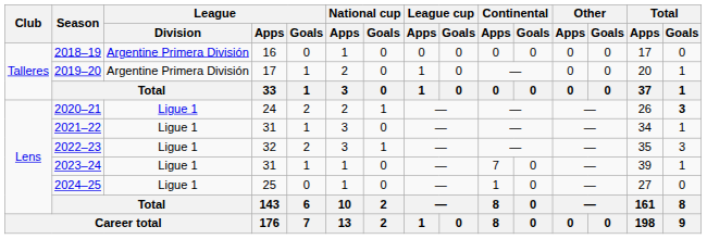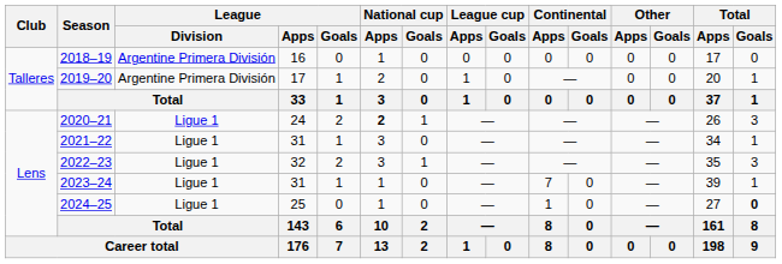 <table class="wikitable" style="text-align:center">
 <tr>
 <th rowspan="2">Club</th>
 <th rowspan="2">Season</th>
 <th colspan="3">League</th>
 <th colspan="2">National cup</th>
 <th colspan="2">League cup</th>
 <th colspan="2">Continental</th>
 <th colspan="2">Other</th>
 <th colspan="2">Total</th>
 </tr>
 <tr>
 <th>Division</th>
 <th>Apps</th>
 <th>Goals</th>
 <th>Apps</th>
 <th>Goals</th>
 <th>Apps</th>
 <th>Goals</th>
 <th>Apps</th>
 <th>Goals</th>
 <th>Apps</th>
 <th>Goals</th>
 <th>Apps</th>
 <th>Goals</th>
 </tr>
 <tr>
 <td rowspan="3"><a href='#'>Talleres</a></td>
 <td><a href='#'>2018–19</a></td>
 <td><a href='#'>Argentine Primera División</a></td>
 <td>16</td>
 <td>0</td>
 <td>1</td>
 <td>0</td>
 <td>0</td>
 <td>0</td>
 <td>0</td>
 <td>0</td>
 <td>0</td>
 <td>0</td>
 <td>17</td>
 <td>0</td>
 </tr>
 <tr>
 <td><a href='#'>2019–20</a></td>
 <td>Argentine Primera División</td>
 <td>17</td>
 <td>1</td>
 <td>2</td>
 <td>0</td>
 <td>1</td>
 <td>0</td>
 <td colspan="2">—</td>
 <td>0</td>
 <td>0</td>
 <td>20</td>
 <td>1</td>
 </tr>
 <tr>
 <th colspan="2">Total</th>
 <th>33</th>
 <th>1</th>
 <th>3</th>
 <th>0</th>
 <th>1</th>
 <th>0</th>
 <th>0</th>
 <th>0</th>
 <th>0</th>
 <th>0</th>
 <th>37</th>
 <th>1</th>
 </tr>
 <tr>
 <td rowspan="6"><a href='#'>Lens</a></td>
 <td><a href='#'>2020–21</a></td>
 <td><a href='#'>Ligue 1</a></td>
 <td>24</td>
 <td>2</td>
-<td>2</td>
+<td><strong>2</strong></td>
 <td>1</td>
 <td colspan="2">—</td>
 <td colspan="2">—</td>
 <td colspan="2">—</td>
 <td>26</td>
-<td><strong>3</strong></td>
+<td>3</td>
 </tr>
 <tr>
 <td><a href='#'>2021–22</a></td>
 <td>Ligue 1</td>
 <td>31</td>
 <td>1</td>
 <td>3</td>
 <td>0</td>
 <td colspan="2">—</td>
 <td colspan="2">—</td>
 <td colspan="2">—</td>
 <td>34</td>
 <td>1</td>
 </tr>
 <tr>
 <td><a href='#'>2022–23</a></td>
 <td>Ligue 1</td>
 <td>32</td>
 <td>2</td>
 <td>3</td>
 <td>1</td>
 <td colspan="2">—</td>
 <td colspan="2">—</td>
 <td colspan="2">—</td>
 <td>35</td>
 <td>3</td>
 </tr>
 <tr>
 <td><a href='#'>2023–24</a></td>
 <td>Ligue 1</td>
 <td>31</td>
 <td>1</td>
 <td>1</td>
 <td>0</td>
 <td colspan="2">—</td>
 <td>7</td>
 <td>0</td>
 <td colspan="2">—</td>
 <td>39</td>
 <td>1</td>
 </tr>
 <tr>
 <td><a href='#'>2024–25</a></td>
 <td>Ligue 1</td>
 <td>25</td>
 <td>0</td>
 <td>1</td>
 <td>0</td>
 <td colspan="2">—</td>
 <td>1</td>
 <td>0</td>
 <td colspan="2">—</td>
 <td>27</td>
-<td>0</td>
+<td><strong>0</strong></td>
 </tr>
 <tr>
 <th colspan="2">Total</th>
 <th>143</th>
 <th>6</th>
 <th>10</th>
 <th>2</th>
 <th colspan="2">—</th>
 <th>8</th>
 <th>0</th>
 <th colspan="2">—</th>
 <th>161</th>
 <th>8</th>
 </tr>
 <tr>
 <th colspan="3">Career total</th>
 <th>176</th>
 <th>7</th>
 <th>13</th>
 <th>2</th>
 <th>1</th>
 <th>0</th>
 <th>8</th>
 <th>0</th>
 <th>0</th>
 <th>0</th>
 <th>198</th>
 <th>9</th>
 </tr>
 </table>
